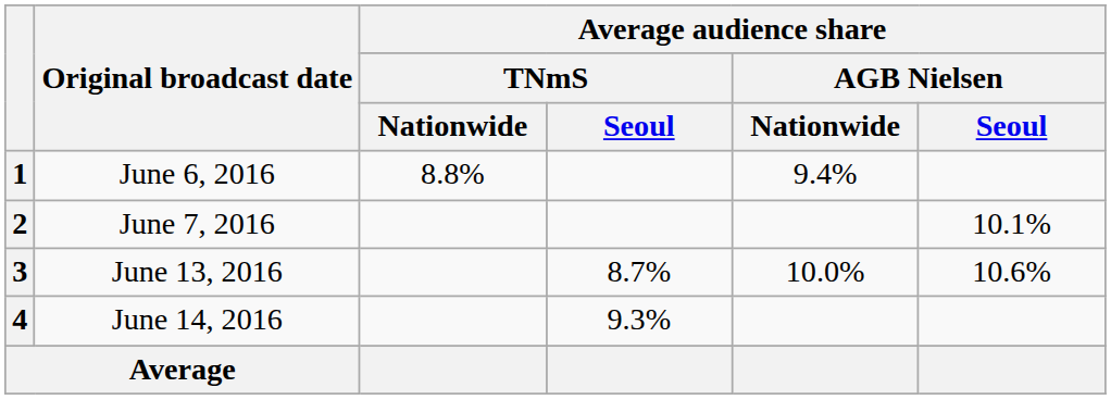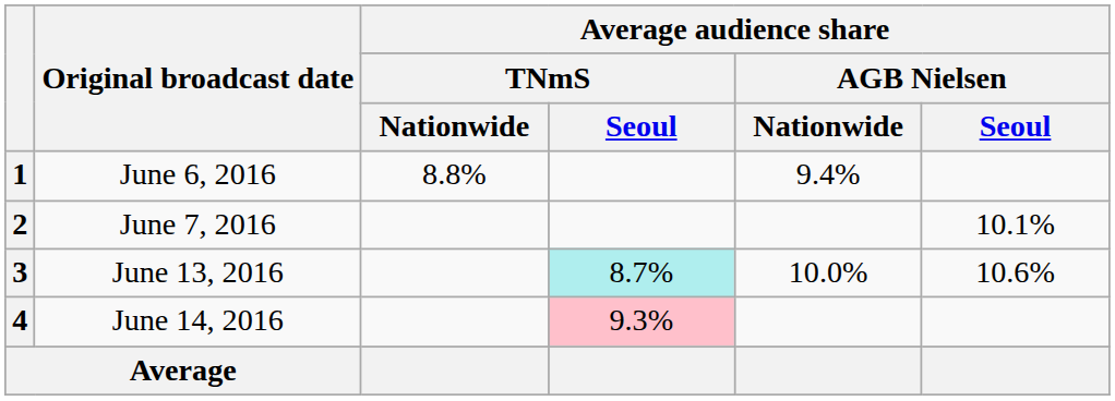 <table class=wikitable style="text-align:center">
 <tr>
 <th rowspan="3"></th>
 <th rowspan="3">Original broadcast date</th>
 <th colspan="4">Average audience share</th>
 </tr>
 <tr>
 <th colspan="2">TNmS</th>
 <th colspan="2">AGB Nielsen</th>
 </tr>
 <tr>
 <th width=90>Nationwide</th>
 <th width=90><a href='#'>Seoul</a></th>
 <th width=90>Nationwide</th>
 <th width=90><a href='#'>Seoul</a></th>
 </tr>
 <tr>
 <th>1</th>
 <td>June 6, 2016</td>
 <td>8.8% </td>
 <td> </td>
 <td>9.4% </td>
 <td> </td>
 </tr>
 <tr>
 <th>2</th>
 <td>June 7, 2016</td>
 <td> </td>
 <td> </td>
 <td> </td>
 <td>10.1% </td>
 </tr>
 <tr>
 <th>3</th>
 <td>June 13, 2016</td>
 <td> </td>
-<td>8.7% </td>
+<td style="background: paleturquoise;">8.7% </td>
 <td>10.0% </td>
 <td>10.6% </td>
 </tr>
 <tr>
 <th>4</th>
 <td>June 14, 2016</td>
 <td> </td>
-<td>9.3% </td>
+<td style="background: pink;">9.3% </td>
 <td> </td>
 <td> </td>
 </tr>
 <tr>
 <th colspan=2>Average</th>
 <th></th>
 <th></th>
 <th></th>
 <th></th>
 </tr>
 </table>
